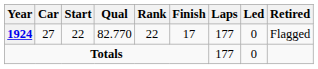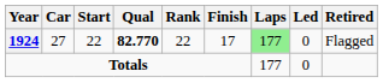 <table class="wikitable" style="text-align:center">
 <tr>
 <th>Year</th>
 <th>Car</th>
 <th>Start</th>
 <th>Qual</th>
 <th>Rank</th>
 <th>Finish</th>
 <th>Laps</th>
 <th>Led</th>
 <th>Retired</th>
 </tr>
 <tr>
 <th><a href='#'>1924</a></th>
 <td>27</td>
 <td>22</td>
-<td>82.770</td>
+<td><strong>82.770</strong></td>
 <td>22</td>
 <td>17</td>
-<td>177</td>
+<td style="background: lightgreen;">177</td>
 <td>0</td>
 <td>Flagged</td>
 </tr>
 <tr>
 <td colspan=6><strong>Totals</strong></td>
 <td>177</td>
 <td>0</td>
 <td></td>
 </tr>
 </table>
